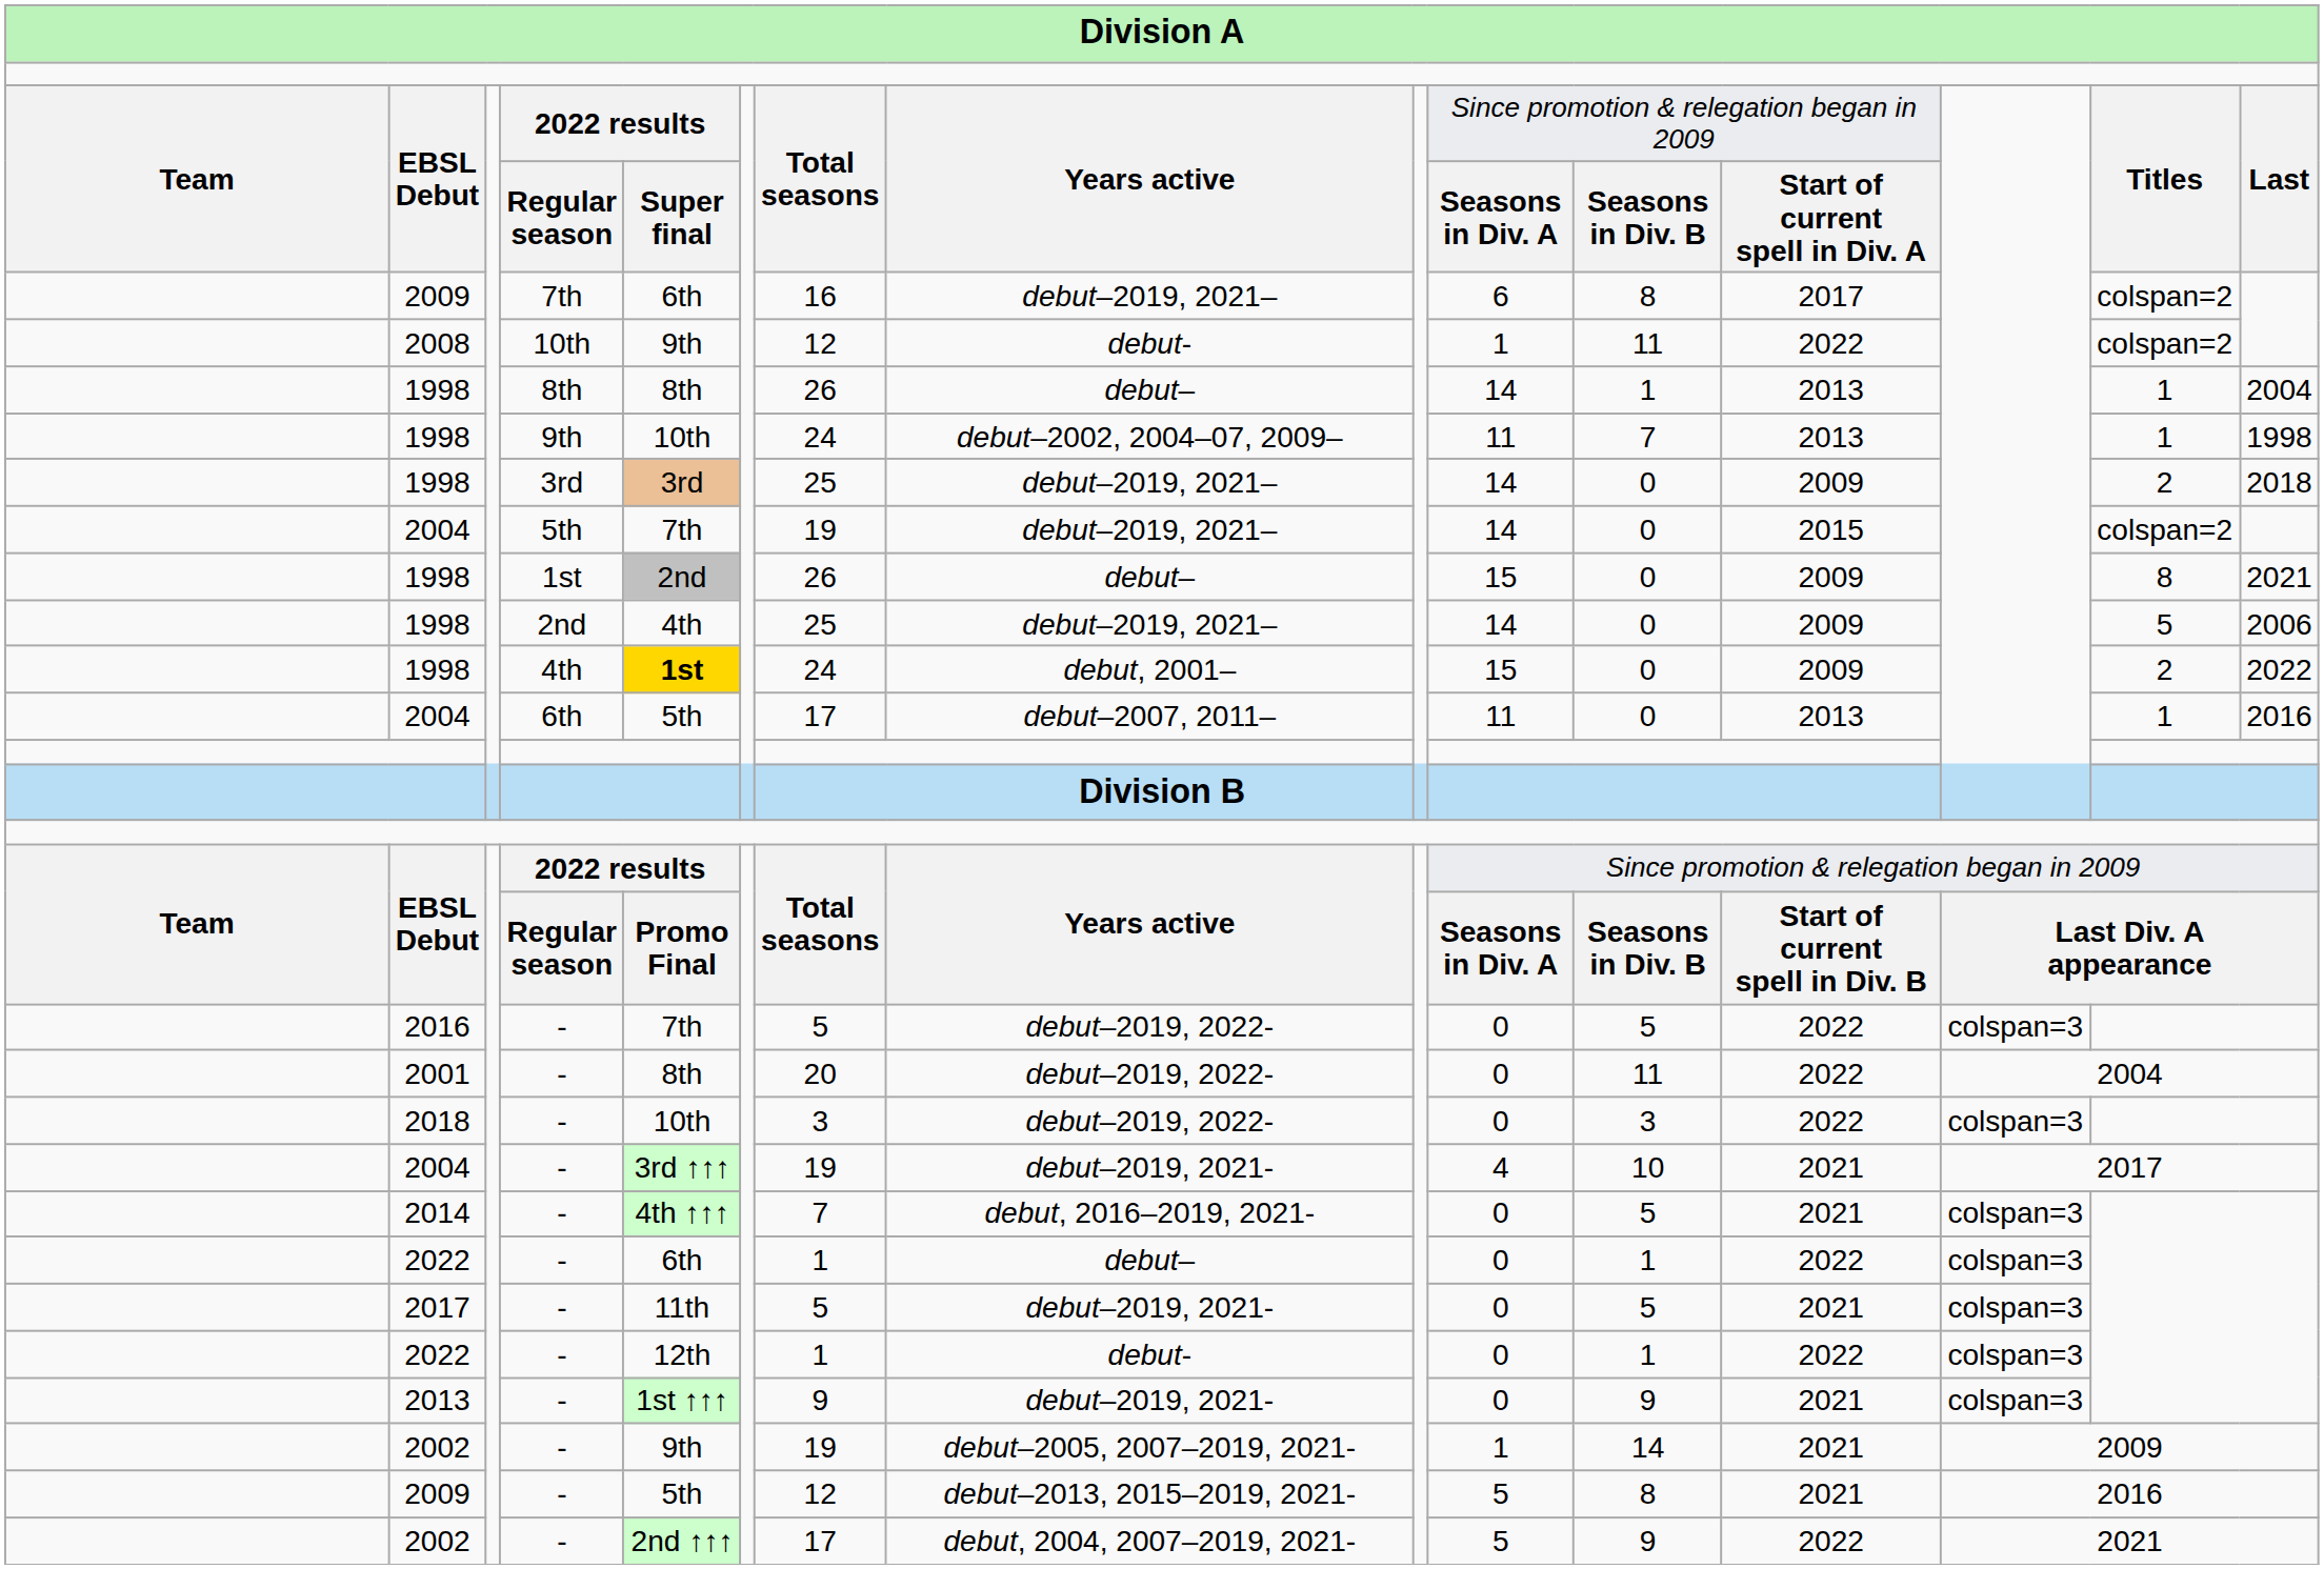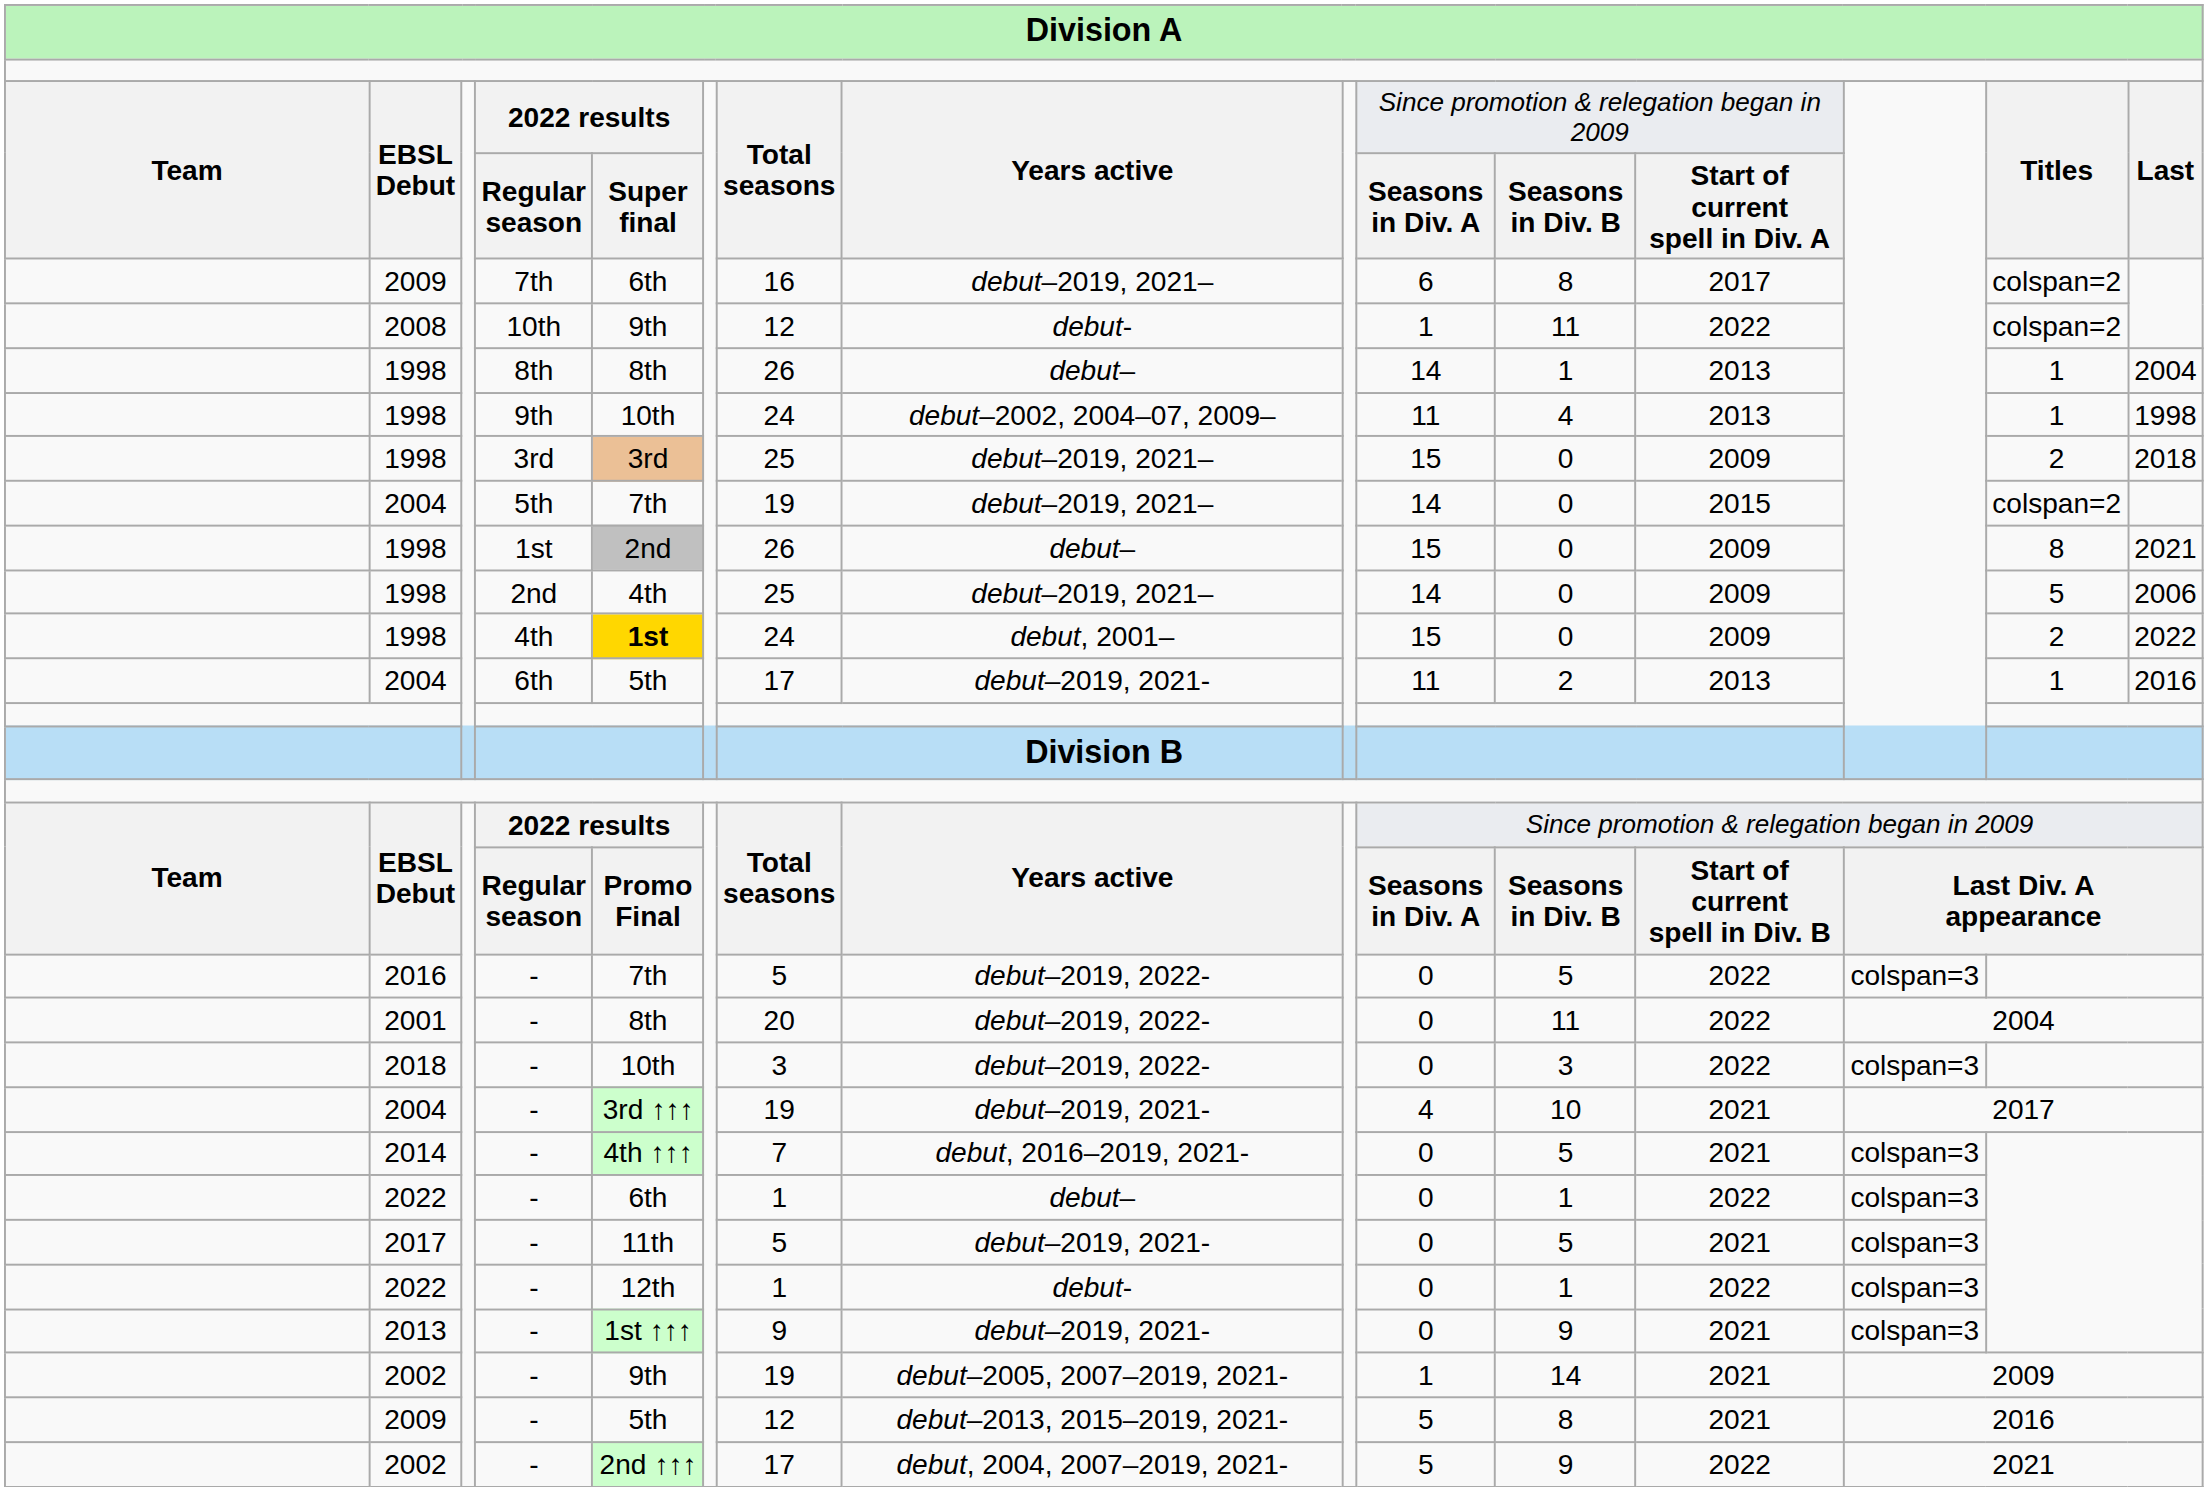 <table class="wikitable" style="text-align:center; font-size:90%">
 <tr>
 <td colspan=15 bgcolor=#bbf3bb style="font-size:115%"><strong>Division A</strong></td>
 </tr>
 <tr>
 <td height=5 colspan=15></td>
 </tr>
 <tr>
 <th rowspan=2 width=180>Team</th>
 <th rowspan=2 width=40>EBSL<br>Debut</th>
 <td rowspan=14></td>
 <th colspan=2>2022 results</th>
 <td rowspan=14></td>
 <th rowspan=2>Total<br>seasons</th>
 <th rowspan=2 width=250>Years active</th>
 <td rowspan=14></td>
 <td colspan=3 bgcolor=#eaecf0 style="font-size:93%"><em>Since promotion & relegation began in 2009</em></td>
 <td rowspan=14></td>
 <th rowspan=2>Titles</th>
 <th rowspan=2>Last</th>
 </tr>
 <tr>
 <th width=50>Regular<br>season</th>
 <th width=50>Super<br>final</th>
 <th width=65>Seasons<br>in Div. A</th>
 <th width=65>Seasons<br>in Div. B</th>
 <th width=100>Start of current<br>spell in Div. A</th>
 </tr>
 <tr>
 <td style="text-align:left"></td>
 <td>2009</td>
 <td>7th</td>
 <td>6th</td>
 <td>16</td>
 <td><em>debut</em>–2019, 2021–</td>
 <td>6</td>
 <td>8</td>
 <td>2017</td>
 <td>colspan=2 </td>
 </tr>
 <tr>
 <td style="text-align:left"></td>
 <td>2008</td>
 <td>10th</td>
 <td>9th</td>
 <td>12</td>
 <td><em>debut</em>-</td>
 <td>1</td>
 <td>11</td>
 <td>2022</td>
 <td>colspan=2 </td>
 </tr>
 <tr>
 <td style="text-align:left"></td>
 <td>1998</td>
 <td>8th</td>
 <td>8th</td>
 <td>26</td>
 <td><em>debut</em>–</td>
 <td>14</td>
 <td>1</td>
 <td>2013</td>
 <td>1</td>
 <td>2004</td>
 </tr>
 <tr>
 <td style="text-align:left"></td>
 <td>1998</td>
 <td>9th</td>
 <td>10th</td>
 <td>24</td>
 <td><em>debut</em>–2002, 2004–07, 2009–</td>
 <td>11</td>
-<td>7</td>
+<td>4</td>
 <td>2013</td>
 <td>1</td>
 <td>1998</td>
 </tr>
 <tr>
 <td style="text-align:left"></td>
 <td>1998</td>
 <td>3rd</td>
 <td bgcolor="#ebc096">3rd</td>
 <td>25</td>
 <td><em>debut</em>–2019, 2021–</td>
-<td>14</td>
+<td>15</td>
 <td>0</td>
 <td>2009</td>
 <td>2</td>
 <td>2018</td>
 </tr>
 <tr>
 <td style="text-align:left"></td>
 <td>2004</td>
 <td>5th</td>
 <td>7th</td>
 <td>19</td>
 <td><em>debut</em>–2019, 2021–</td>
 <td>14</td>
 <td>0</td>
 <td>2015</td>
 <td>colspan=2 </td>
 </tr>
 <tr>
 <td style="text-align:left"></td>
 <td>1998</td>
 <td>1st</td>
 <td bgcolor="silver">2nd</td>
 <td>26</td>
 <td><em>debut</em>–</td>
 <td>15</td>
 <td>0</td>
 <td>2009</td>
 <td>8</td>
 <td>2021</td>
 </tr>
 <tr>
 <td style="text-align:left"></td>
 <td>1998</td>
 <td>2nd</td>
 <td>4th</td>
 <td>25</td>
 <td><em>debut</em>–2019, 2021–</td>
 <td>14</td>
 <td>0</td>
 <td>2009</td>
 <td>5</td>
 <td>2006</td>
 </tr>
 <tr>
 <td style="text-align:left"></td>
 <td>1998</td>
 <td>4th</td>
 <td bgcolor=gold><strong>1st</strong></td>
 <td>24</td>
 <td><em>debut</em>, 2001–</td>
 <td>15</td>
 <td>0</td>
 <td>2009</td>
 <td>2</td>
 <td>2022</td>
 </tr>
 <tr>
 <td style="text-align:left"></td>
 <td>2004</td>
 <td>6th</td>
 <td>5th</td>
 <td>17</td>
-<td><em>debut</em>–2007, 2011–</td>
+<td><em>debut</em>–2019, 2021-</td>
 <td>11</td>
-<td>0</td>
+<td>2</td>
 <td>2013</td>
 <td>1</td>
 <td>2016</td>
 </tr>
 <tr>
 <td height=5 colspan=15></td>
 </tr>
 <tr>
 <td colspan=15 bgcolor=#b8def6 style="font-size:115%"><strong>Division B</strong></td>
 </tr>
 <tr>
 <td height=5 colspan=15></td>
 </tr>
 <tr>
 <th rowspan=2 width=180>Team</th>
 <th rowspan=2 width=40>EBSL<br>Debut</th>
 <td rowspan=18></td>
 <th colspan=2>2022 results</th>
 <td rowspan=18></td>
 <th rowspan=2>Total<br>seasons</th>
 <th rowspan=2>Years active</th>
 <td rowspan=18></td>
 <td colspan=6 bgcolor=#eaecf0 style="font-size:93%"><em>Since promotion & relegation began in 2009</em></td>
 </tr>
 <tr>
 <th width=50>Regular<br>season</th>
 <th width=50>Promo<br>Final</th>
 <th>Seasons<br>in Div. A</th>
 <th>Seasons<br>in Div. B</th>
 <th>Start of current<br>spell in Div. B</th>
 <th colspan=3>Last Div. A<br>appearance</th>
 </tr>
 <tr>
 <td style="text-align:left"></td>
 <td>2016</td>
 <td>-</td>
 <td>7th</td>
 <td>5</td>
 <td><em>debut</em>–2019, 2022-</td>
 <td>0</td>
 <td>5</td>
 <td>2022</td>
 <td>colspan=3</td>
 </tr>
 <tr>
 <td style="text-align:left"></td>
 <td>2001</td>
 <td>-</td>
 <td>8th</td>
 <td>20</td>
 <td><em>debut</em>–2019, 2022-</td>
 <td>0</td>
 <td>11</td>
 <td>2022</td>
 <td colspan=3>2004</td>
 </tr>
 <tr>
 <td style="text-align:left"></td>
 <td>2018</td>
 <td>-</td>
 <td>10th</td>
 <td>3</td>
 <td><em>debut</em>–2019, 2022-</td>
 <td>0</td>
 <td>3</td>
 <td>2022</td>
 <td>colspan=3</td>
 </tr>
 <tr>
 <td style="text-align:left"></td>
 <td>2004</td>
 <td>-</td>
 <td bgcolor=#ccffcc>3rd <strong>↑↑↑</strong></td>
 <td>19</td>
 <td><em>debut</em>–2019, 2021-</td>
 <td>4</td>
 <td>10</td>
 <td>2021</td>
 <td colspan=3>2017</td>
 </tr>
 <tr>
 <td style="text-align:left"></td>
 <td>2014</td>
 <td>-</td>
 <td bgcolor=#ccffcc>4th <strong>↑↑↑</strong></td>
 <td>7</td>
 <td><em>debut</em>, 2016–2019, 2021-</td>
 <td>0</td>
 <td>5</td>
 <td>2021</td>
 <td>colspan=3</td>
 </tr>
 <tr>
 <td style="text-align:left"></td>
 <td>2022</td>
 <td>-</td>
 <td>6th</td>
 <td>1</td>
 <td><em>debut</em>–</td>
 <td>0</td>
 <td>1</td>
 <td>2022</td>
 <td>colspan=3 </td>
 </tr>
 <tr>
 <td style="text-align:left"></td>
 <td>2017</td>
 <td>-</td>
 <td>11th</td>
 <td>5</td>
 <td><em>debut</em>–2019, 2021-</td>
 <td>0</td>
 <td>5</td>
 <td>2021</td>
 <td>colspan=3 </td>
 </tr>
 <tr>
 <td style="text-align:left"></td>
 <td>2022</td>
 <td>-</td>
 <td>12th</td>
 <td>1</td>
 <td><em>debut</em>-</td>
 <td>0</td>
 <td>1</td>
 <td>2022</td>
 <td>colspan=3 </td>
 </tr>
 <tr>
 <td style="text-align:left"></td>
 <td>2013</td>
 <td>-</td>
 <td bgcolor=#ccffcc>1st <strong>↑↑↑</strong></td>
 <td>9</td>
 <td><em>debut</em>–2019, 2021-</td>
 <td>0</td>
 <td>9</td>
 <td>2021</td>
 <td>colspan=3 </td>
 </tr>
 <tr>
 <td style="text-align:left"></td>
 <td>2002</td>
 <td>-</td>
 <td>9th</td>
 <td>19</td>
 <td><em>debut</em>–2005, 2007–2019, 2021-</td>
 <td>1</td>
 <td>14</td>
 <td>2021</td>
 <td colspan=3>2009</td>
 </tr>
 <tr>
 <td style="text-align:left"></td>
 <td>2009</td>
 <td>-</td>
 <td>5th</td>
 <td>12</td>
 <td><em>debut</em>–2013, 2015–2019, 2021-</td>
 <td>5</td>
 <td>8</td>
 <td>2021</td>
 <td colspan=3>2016</td>
 </tr>
 <tr>
 <td style="text-align:left"></td>
 <td>2002</td>
 <td>-</td>
 <td bgcolor=#ccffcc>2nd <strong>↑↑↑</strong></td>
 <td>17</td>
 <td><em>debut</em>, 2004, 2007–2019, 2021-</td>
 <td>5</td>
 <td>9</td>
 <td>2022</td>
 <td colspan=3>2021</td>
 </tr>
 </table>
